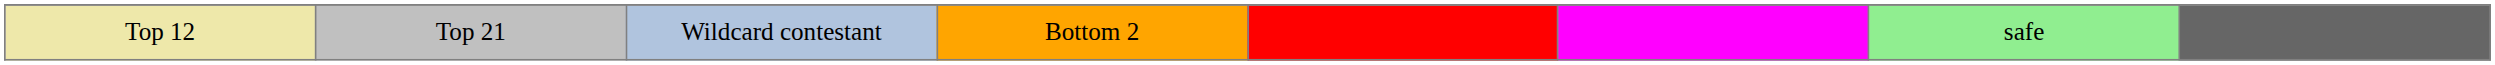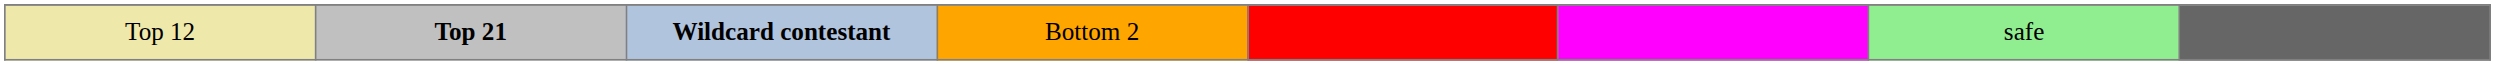 <table border="2" cellpadding="8" style="background:silver; border:1px solid gray; border-collapse:collapse; margin:1em auto; text-align:center;">
 <tr>
 </tr>
 <tr>
 <td style="background:palegoldenrod;" width="7%">Top 12</td>
-<td width="7%">Top 21</td>
-<td style="background:lightsteelblue;" width="7%">Wildcard contestant</td>
+<td width="7%"><strong>Top 21</strong></td>
+<td style="background:lightsteelblue;" width="7%"><strong>Wildcard contestant</strong></td>
 <td style="background:orange;" width="7%">Bottom 2</td>
 <td style="background:red;" width="7%"></td>
 <td style="background:magenta;" width="7%"></td>
 <td style="background:lightgreen;" width="7%">safe</td>
 <td style="background:#666666;" width="7%"><br></td>
 </tr>
 </table>
